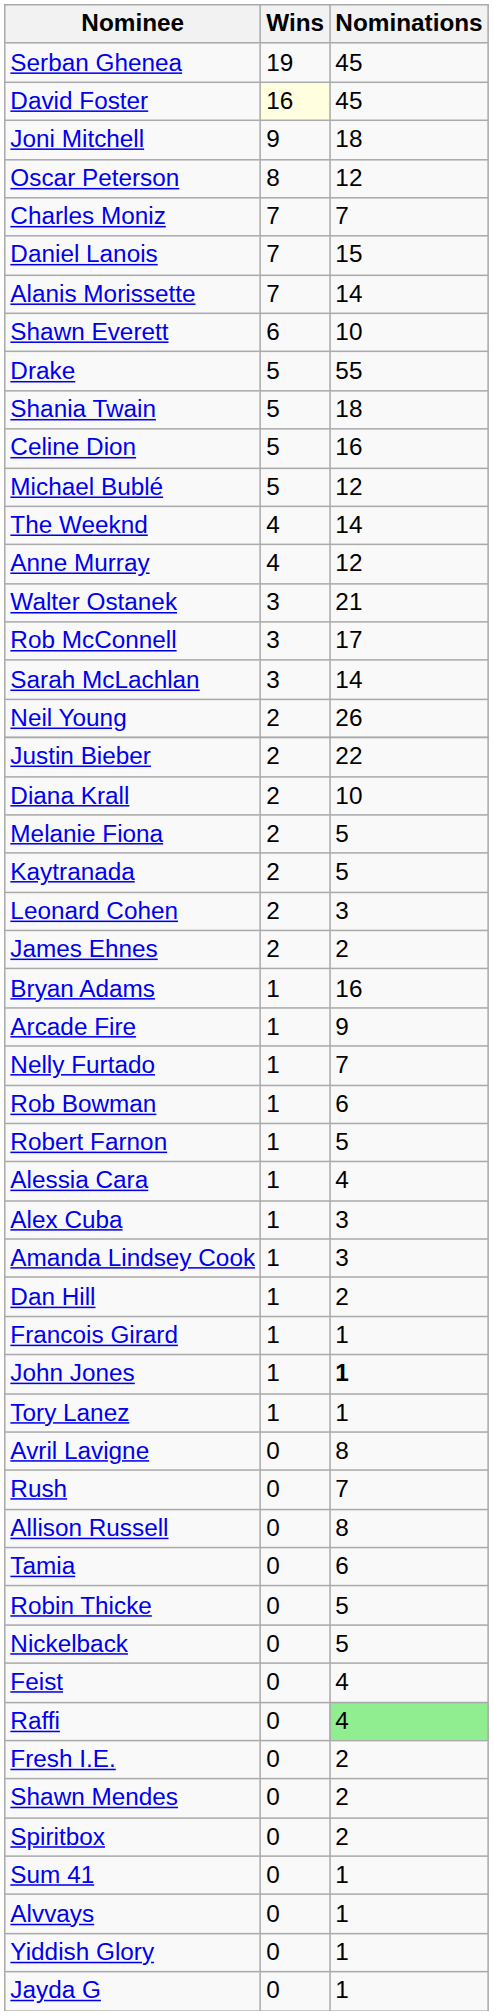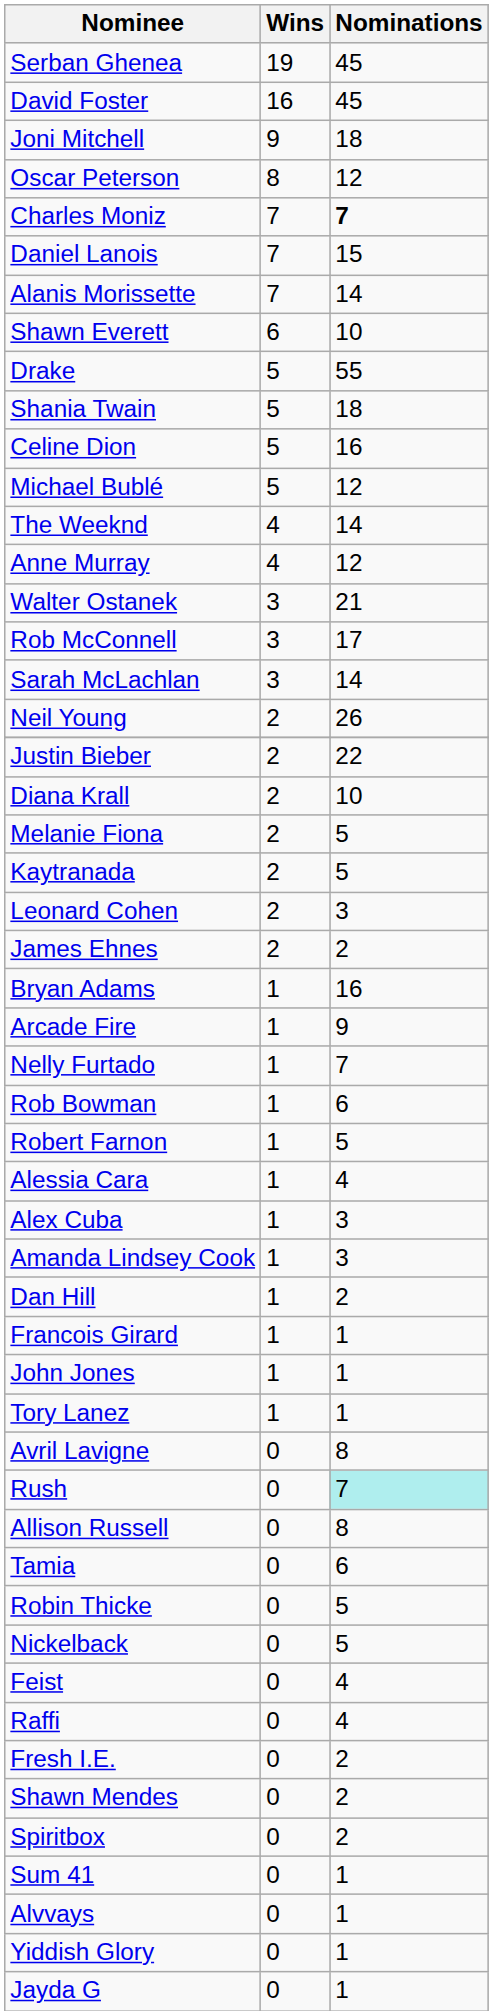 <table class="wikitable">
 <tr>
 <th>Nominee</th>
 <th>Wins</th>
 <th>Nominations</th>
 </tr>
 <tr>
 <td><a href='#'>Serban Ghenea</a></td>
 <td>19</td>
 <td>45</td>
 </tr>
 <tr>
 <td><a href='#'>David Foster</a></td>
-<td style="background: lightyellow;">16</td>
+<td>16</td>
 <td>45</td>
 </tr>
 <tr>
 <td><a href='#'>Joni Mitchell</a></td>
 <td>9</td>
 <td>18</td>
 </tr>
 <tr>
 <td><a href='#'>Oscar Peterson</a></td>
 <td>8</td>
 <td>12</td>
 </tr>
 <tr>
 <td><a href='#'>Charles Moniz</a></td>
 <td>7</td>
-<td>7</td>
+<td><strong>7</strong></td>
 </tr>
 <tr>
 <td><a href='#'>Daniel Lanois</a></td>
 <td>7</td>
 <td>15</td>
 </tr>
 <tr>
 <td><a href='#'>Alanis Morissette</a></td>
 <td>7</td>
 <td>14</td>
 </tr>
 <tr>
 <td><a href='#'>Shawn Everett</a></td>
 <td>6</td>
 <td>10</td>
 </tr>
 <tr>
 <td><a href='#'>Drake</a></td>
 <td>5</td>
 <td>55</td>
 </tr>
 <tr>
 <td><a href='#'>Shania Twain</a></td>
 <td>5</td>
 <td>18</td>
 </tr>
 <tr>
 <td><a href='#'>Celine Dion</a></td>
 <td>5</td>
 <td>16</td>
 </tr>
 <tr>
 <td><a href='#'>Michael Bublé</a></td>
 <td>5</td>
 <td>12</td>
 </tr>
 <tr>
 <td><a href='#'>The Weeknd</a></td>
 <td>4</td>
 <td>14</td>
 </tr>
 <tr>
 <td><a href='#'>Anne Murray</a></td>
 <td>4</td>
 <td>12</td>
 </tr>
 <tr>
 <td><a href='#'>Walter Ostanek</a></td>
 <td>3</td>
 <td>21</td>
 </tr>
 <tr>
 <td><a href='#'>Rob McConnell</a></td>
 <td>3</td>
 <td>17</td>
 </tr>
 <tr>
 <td><a href='#'>Sarah McLachlan</a></td>
 <td>3</td>
 <td>14</td>
 </tr>
 <tr>
 <td><a href='#'>Neil Young</a></td>
 <td>2</td>
 <td>26</td>
 </tr>
 <tr>
 </tr>
 <tr>
 <td><a href='#'>Justin Bieber</a></td>
 <td>2</td>
 <td>22</td>
 </tr>
 <tr>
 <td><a href='#'>Diana Krall</a></td>
 <td>2</td>
 <td>10</td>
 </tr>
 <tr>
 <td><a href='#'>Melanie Fiona</a></td>
 <td>2</td>
 <td>5</td>
 </tr>
 <tr>
 <td><a href='#'>Kaytranada</a></td>
 <td>2</td>
 <td>5</td>
 </tr>
 <tr>
 <td><a href='#'>Leonard Cohen</a></td>
 <td>2</td>
 <td>3</td>
 </tr>
 <tr>
 <td><a href='#'>James Ehnes</a></td>
 <td>2</td>
 <td>2</td>
 </tr>
 <tr>
 <td><a href='#'>Bryan Adams</a></td>
 <td>1</td>
 <td>16</td>
 </tr>
 <tr>
 <td><a href='#'>Arcade Fire</a></td>
 <td>1</td>
 <td>9</td>
 </tr>
 <tr>
 <td><a href='#'>Nelly Furtado</a></td>
 <td>1</td>
 <td>7</td>
 </tr>
 <tr>
 <td><a href='#'>Rob Bowman</a></td>
 <td>1</td>
 <td>6</td>
 </tr>
 <tr>
 <td><a href='#'>Robert Farnon</a></td>
 <td>1</td>
 <td>5</td>
 </tr>
 <tr>
 <td><a href='#'>Alessia Cara</a></td>
 <td>1</td>
 <td>4</td>
 </tr>
 <tr>
 <td><a href='#'>Alex Cuba</a></td>
 <td>1</td>
 <td>3</td>
 </tr>
 <tr>
 <td><a href='#'>Amanda Lindsey Cook</a></td>
 <td>1</td>
 <td>3</td>
 </tr>
 <tr>
 <td><a href='#'>Dan Hill</a></td>
 <td>1</td>
 <td>2</td>
 </tr>
 <tr>
 <td><a href='#'>Francois Girard</a></td>
 <td>1</td>
 <td>1</td>
 </tr>
 <tr>
 <td><a href='#'>John Jones</a></td>
 <td>1</td>
-<td><strong>1</strong></td>
+<td>1</td>
 </tr>
 <tr>
 <td><a href='#'>Tory Lanez</a></td>
 <td>1</td>
 <td>1</td>
 </tr>
 <tr>
 <td><a href='#'>Avril Lavigne</a></td>
 <td>0</td>
 <td>8</td>
 </tr>
 <tr>
 <td><a href='#'>Rush</a></td>
 <td>0</td>
-<td>7</td>
+<td style="background: paleturquoise;">7</td>
 </tr>
 <tr>
 <td><a href='#'>Allison Russell</a></td>
 <td>0</td>
 <td>8</td>
 </tr>
 <tr>
 <td><a href='#'>Tamia</a></td>
 <td>0</td>
 <td>6</td>
 </tr>
 <tr>
 <td><a href='#'>Robin Thicke</a></td>
 <td>0</td>
 <td>5</td>
 </tr>
 <tr>
 <td><a href='#'>Nickelback</a></td>
 <td>0</td>
 <td>5</td>
 </tr>
 <tr>
 <td><a href='#'>Feist</a></td>
 <td>0</td>
 <td>4</td>
 </tr>
 <tr>
 <td><a href='#'>Raffi</a></td>
 <td>0</td>
-<td style="background: lightgreen;">4</td>
+<td>4</td>
 </tr>
 <tr>
 <td><a href='#'>Fresh I.E.</a></td>
 <td>0</td>
 <td>2</td>
 </tr>
 <tr>
 <td><a href='#'>Shawn Mendes</a></td>
 <td>0</td>
 <td>2</td>
 </tr>
 <tr>
 <td><a href='#'>Spiritbox</a></td>
 <td>0</td>
 <td>2</td>
 </tr>
 <tr>
 <td><a href='#'>Sum 41</a></td>
 <td>0</td>
 <td>1</td>
 </tr>
 <tr>
 <td><a href='#'>Alvvays</a></td>
 <td>0</td>
 <td>1</td>
 </tr>
 <tr>
 <td><a href='#'>Yiddish Glory</a></td>
 <td>0</td>
 <td>1</td>
 </tr>
 <tr>
 <td><a href='#'>Jayda G</a></td>
 <td>0</td>
 <td>1</td>
 </tr>
 </table>
